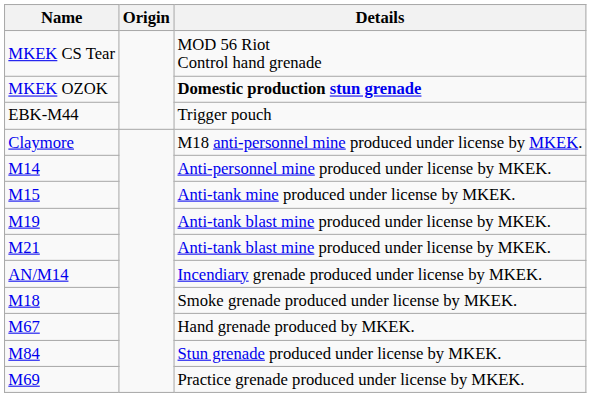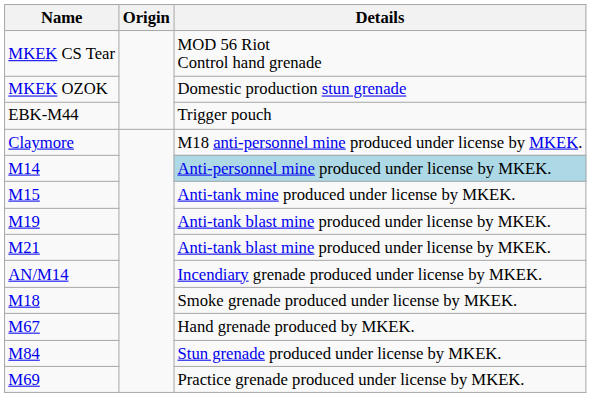 <table class="wikitable">
 <tr>
 <th>Name</th>
 <th>Origin</th>
 <th>Details</th>
 </tr>
 <tr>
 <td><a href='#'>MKEK</a> CS Tear</td>
 <td rowspan="3"></td>
 <td>MOD 56 Riot<br>Control hand grenade</td>
 </tr>
 <tr>
 <td><a href='#'>MKEK</a> OZOK</td>
-<td><strong>Domestic production <a href='#'>stun grenade</a></strong></td>
+<td>Domestic production <a href='#'>stun grenade</a></td>
 </tr>
 <tr>
 <td>EBK-M44</td>
 <td>Trigger pouch</td>
 </tr>
 <tr>
 <td><a href='#'>Claymore</a></td>
 <td rowspan="10"><br></td>
 <td>M18 <a href='#'>anti-personnel mine</a> produced under license by <a href='#'>MKEK</a>.</td>
 </tr>
 <tr>
 <td><a href='#'>M14</a></td>
-<td><a href='#'>Anti-personnel mine</a> produced under license by MKEK.</td>
+<td style="background: lightblue;"><a href='#'>Anti-personnel mine</a> produced under license by MKEK.</td>
 </tr>
 <tr>
 <td><a href='#'>M15</a></td>
 <td><a href='#'>Anti-tank mine</a> produced under license by MKEK.</td>
 </tr>
 <tr>
 <td><a href='#'>M19</a></td>
 <td><a href='#'>Anti-tank blast mine</a> produced under license by MKEK.</td>
 </tr>
 <tr>
 <td><a href='#'>M21</a></td>
 <td><a href='#'>Anti-tank blast mine</a> produced under license by MKEK.</td>
 </tr>
 <tr>
 <td><a href='#'>AN/M14</a></td>
 <td><a href='#'>Incendiary</a> grenade produced under license by MKEK.</td>
 </tr>
 <tr>
 <td><a href='#'>M18</a></td>
 <td>Smoke grenade produced under license by MKEK.</td>
 </tr>
 <tr>
 <td><a href='#'>M67</a></td>
 <td>Hand grenade produced by MKEK.</td>
 </tr>
 <tr>
 <td><a href='#'>M84</a></td>
 <td><a href='#'>Stun grenade</a> produced under license by MKEK.</td>
 </tr>
 <tr>
 <td><a href='#'>M69</a></td>
 <td>Practice grenade produced under license by MKEK.</td>
 </tr>
 </table>
